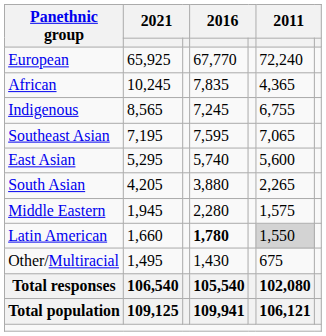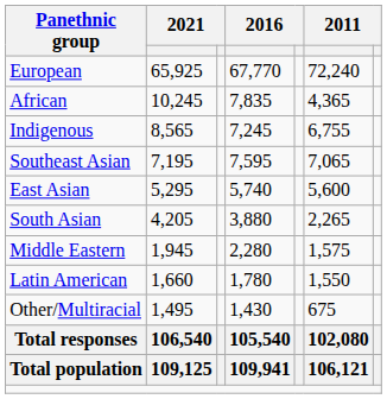 <table class="wikitable collapsible sortable">
 <tr>
 <th rowspan="2"><a href='#'>Panethnic</a><br>group</th>
 <th colspan="2">2021</th>
 <th colspan="2">2016</th>
 <th colspan="2">2011</th>
 </tr>
 <tr>
 <th><a href='#'></a></th>
 <th></th>
 <th></th>
 <th></th>
 <th></th>
 <th></th>
 </tr>
 <tr>
 <td><a href='#'>European</a></td>
 <td>65,925</td>
 <td></td>
 <td>67,770</td>
 <td></td>
 <td>72,240</td>
 <td></td>
 </tr>
 <tr>
 <td><a href='#'>African</a></td>
 <td>10,245</td>
 <td></td>
 <td>7,835</td>
 <td></td>
 <td>4,365</td>
 <td></td>
 </tr>
 <tr>
 <td><a href='#'>Indigenous</a></td>
 <td>8,565</td>
 <td></td>
 <td>7,245</td>
 <td></td>
 <td>6,755</td>
 <td></td>
 </tr>
 <tr>
 <td><a href='#'>Southeast Asian</a></td>
 <td>7,195</td>
 <td></td>
 <td>7,595</td>
 <td></td>
 <td>7,065</td>
 <td></td>
 </tr>
 <tr>
 <td><a href='#'>East Asian</a></td>
 <td>5,295</td>
 <td></td>
 <td>5,740</td>
 <td></td>
 <td>5,600</td>
 <td></td>
 </tr>
 <tr>
 <td><a href='#'>South Asian</a></td>
 <td>4,205</td>
 <td></td>
 <td>3,880</td>
 <td></td>
 <td>2,265</td>
 <td></td>
 </tr>
 <tr>
 <td><a href='#'>Middle Eastern</a></td>
 <td>1,945</td>
 <td></td>
 <td>2,280</td>
 <td></td>
 <td>1,575</td>
 <td></td>
 </tr>
 <tr>
 <td><a href='#'>Latin American</a></td>
 <td>1,660</td>
 <td></td>
-<td><strong>1,780</strong></td>
+<td>1,780</td>
 <td></td>
-<td style="background: lightgrey;">1,550</td>
+<td>1,550</td>
 <td></td>
 </tr>
 <tr>
 <td>Other/<a href='#'>Multiracial</a></td>
 <td>1,495</td>
 <td></td>
 <td>1,430</td>
 <td></td>
 <td>675</td>
 <td></td>
 </tr>
 <tr>
 <th>Total responses</th>
 <th>106,540</th>
 <th></th>
 <th>105,540</th>
 <th></th>
 <th>102,080</th>
 <th></th>
 </tr>
 <tr>
 <th>Total population</th>
 <th>109,125</th>
 <th></th>
 <th>109,941</th>
 <th></th>
 <th>106,121</th>
 <th></th>
 </tr>
 <tr class="sortbottom">
 <td colspan="15"></td>
 </tr>
 </table>
